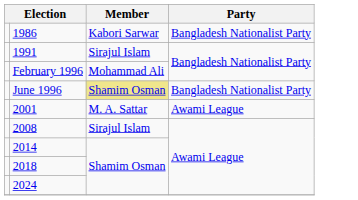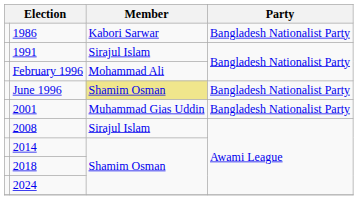 <table class="wikitable">
 <tr>
 <th colspan="2">Election</th>
 <th>Member</th>
 <th>Party</th>
 </tr>
 <tr>
 <td style="background-color:"></td>
 <td><a href='#'>1986</a></td>
 <td><a href='#'>Kabori Sarwar</a></td>
 <td><a href='#'>Bangladesh Nationalist Party</a></td>
 </tr>
 <tr>
 <td style="background-color:"></td>
 <td><a href='#'>1991</a></td>
 <td><a href='#'>Sirajul Islam</a></td>
 <td rowspan="2"><a href='#'>Bangladesh Nationalist Party</a></td>
 </tr>
 <tr>
 <td style="background-color:"></td>
 <td><a href='#'>February 1996</a></td>
 <td><a href='#'>Mohammad Ali</a></td>
 </tr>
 <tr>
 <td style="background-color:"></td>
 <td><a href='#'>June 1996</a></td>
 <td style="background: khaki;"><a href='#'>Shamim Osman</a></td>
 <td><a href='#'>Bangladesh Nationalist Party</a></td>
 </tr>
 <tr>
 <td style="background-color:"></td>
 <td><a href='#'>2001</a></td>
-<td><a href='#'>M. A. Sattar</a></td>
-<td><a href='#'>Awami League</a></td>
+<td><a href='#'>Muhammad Gias Uddin</a></td>
+<td><a href='#'>Bangladesh Nationalist Party</a></td>
 </tr>
 <tr>
 <td style="background-color:"></td>
 <td><a href='#'>2008</a></td>
 <td><a href='#'>Sirajul Islam</a></td>
 <td rowspan="4"><a href='#'>Awami League</a></td>
 </tr>
 <tr>
 <td style="background-color:"></td>
 <td><a href='#'>2014</a></td>
 <td rowspan="3"><a href='#'>Shamim Osman</a></td>
 </tr>
 <tr>
 <td style="background-color:"></td>
 <td><a href='#'>2018</a></td>
 </tr>
 <tr>
 <td style="background-color:"></td>
 <td><a href='#'>2024</a></td>
 </tr>
 <tr>
 </tr>
 </table>
